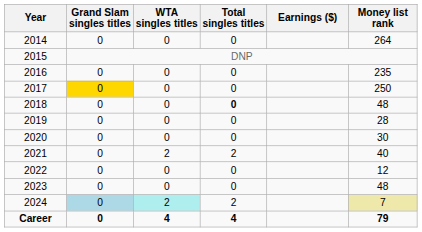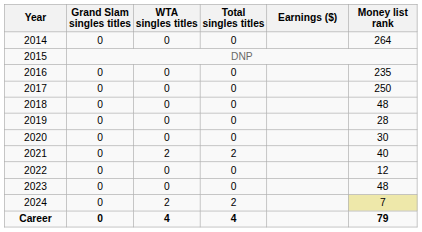 <table class="wikitable" style="text-align:center;">
 <tr>
 <th style="width:90px;">Year</th>
 <th>Grand Slam<br>singles titles</th>
 <th>WTA <br>singles titles</th>
 <th>Total<br>singles titles</th>
 <th style="width:120px;">Earnings ($)</th>
 <th style="width:100px;">Money list rank</th>
 </tr>
 <tr>
 <td>2014</td>
 <td>0</td>
 <td>0</td>
 <td>0</td>
 <td style="text-align:right;"></td>
 <td>264</td>
 </tr>
 <tr>
 <td>2015</td>
 <td colspan="5" style="color:dimGrey;">DNP</td>
 </tr>
 <tr>
 <td>2016</td>
 <td>0</td>
 <td>0</td>
 <td>0</td>
 <td style="text-align:right;"></td>
 <td>235</td>
 </tr>
 <tr>
 <td>2017</td>
-<td style="background: gold;">0</td>
+<td>0</td>
 <td>0</td>
 <td>0</td>
 <td style="text-align:right;"></td>
 <td>250</td>
 </tr>
 <tr>
 <td>2018</td>
 <td>0</td>
 <td>0</td>
-<td><strong>0</strong></td>
+<td>0</td>
 <td style="text-align:right;"></td>
 <td>48</td>
 </tr>
 <tr>
 <td>2019</td>
 <td>0</td>
 <td>0</td>
 <td>0</td>
 <td style="text-align:right;"></td>
 <td>28</td>
 </tr>
 <tr>
 <td>2020</td>
 <td>0</td>
 <td>0</td>
 <td>0</td>
 <td style="text-align:right;"></td>
 <td>30</td>
 </tr>
 <tr>
 <td>2021</td>
 <td>0</td>
 <td>2</td>
 <td>2</td>
 <td style="text-align:right;"></td>
 <td>40</td>
 </tr>
 <tr>
 <td>2022</td>
 <td>0</td>
 <td>0</td>
 <td>0</td>
 <td style="text-align:right;"></td>
 <td>12</td>
 </tr>
 <tr>
 <td>2023</td>
 <td>0</td>
 <td>0</td>
 <td>0</td>
 <td style="text-align:right;"></td>
 <td>48</td>
 </tr>
 <tr>
 <td>2024</td>
-<td style="background: lightblue;">0</td>
-<td style="background: paleturquoise;">2</td>
+<td>0</td>
+<td>2</td>
 <td>2</td>
 <td style="text-align:right;"></td>
 <td bgcolor=eee8aa>7</td>
 </tr>
 <tr style="font-weight:bold;">
 <td>Career</td>
 <td>0</td>
 <td>4</td>
 <td>4</td>
 <td style="text-align:right;"></td>
 <td>79</td>
 </tr>
 </table>
